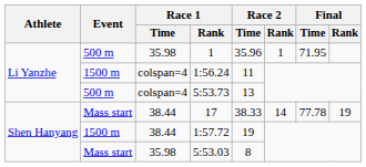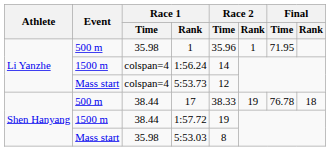 <table class="wikitable" style="font-size:90%">
 <tr>
 <th rowspan=2>Athlete</th>
 <th rowspan=2>Event</th>
 <th colspan=2>Race 1</th>
 <th colspan=2>Race 2</th>
 <th colspan=2>Final</th>
 </tr>
 <tr style="font-size:95%">
 <th>Time</th>
 <th>Rank</th>
 <th>Time</th>
 <th>Rank</th>
 <th>Time</th>
 <th>Rank</th>
 </tr>
 <tr align=center>
 <td align=left rowspan=3><a href='#'>Li Yanzhe</a></td>
 <td align=left><a href='#'>500 m</a></td>
 <td>35.98</td>
 <td>1</td>
 <td>35.96</td>
 <td>1</td>
 <td>71.95</td>
 <td></td>
 </tr>
 <tr align=center>
 <td align=left><a href='#'>1500 m</a></td>
 <td>colspan=4 </td>
 <td>1:56.24</td>
-<td>11</td>
+<td>14</td>
 </tr>
 <tr align=center>
-<td align=left><a href='#'>500 m</a></td>
+<td align=left><a href='#'>Mass start</a></td>
 <td>colspan=4 </td>
 <td>5:53.73</td>
-<td>13</td>
+<td>12</td>
 </tr>
 <tr align=center>
 <td align=left rowspan=3><a href='#'>Shen Hanyang</a></td>
-<td align=left><a href='#'>Mass start</a></td>
+<td align=left><a href='#'>500 m</a></td>
 <td>38.44</td>
 <td>17</td>
 <td>38.33</td>
-<td>14</td>
-<td>77.78</td>
 <td>19</td>
+<td>76.78</td>
+<td>18</td>
 </tr>
 <tr align=center>
 <td align=left><a href='#'>1500 m</a></td>
 <td>38.44</td>
 <td>1:57.72</td>
 <td>19</td>
 </tr>
 <tr align=center>
 <td align=left><a href='#'>Mass start</a></td>
 <td>35.98</td>
 <td>5:53.03</td>
 <td>8</td>
 </tr>
 </table>
